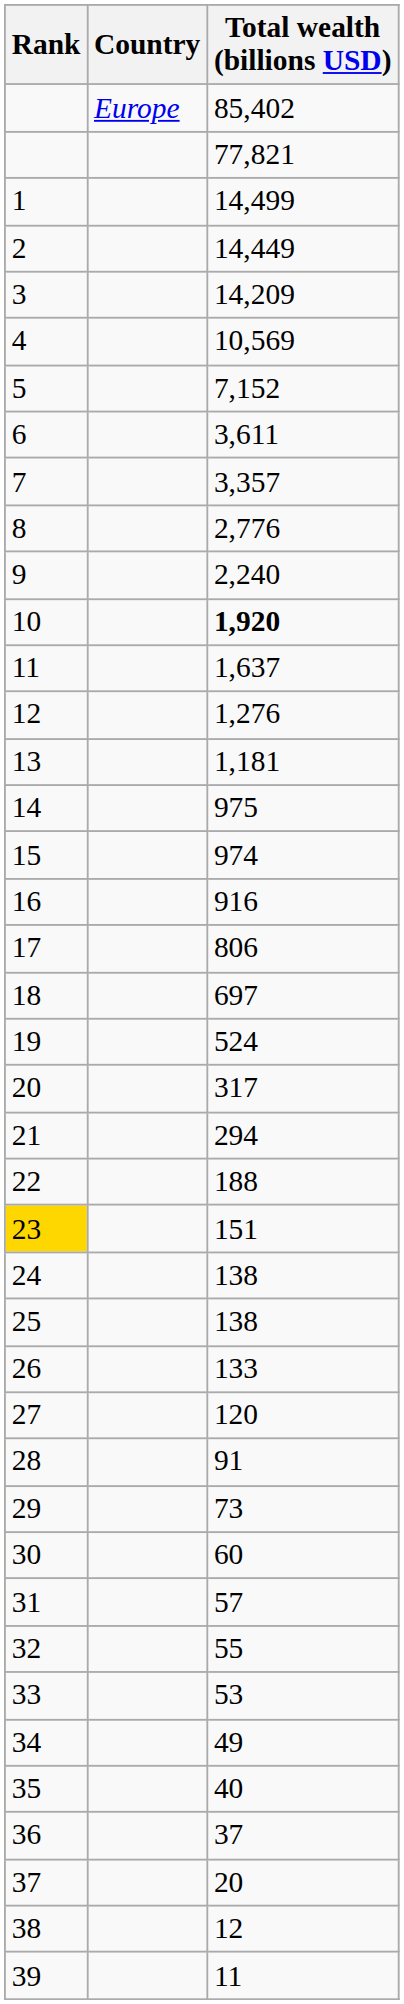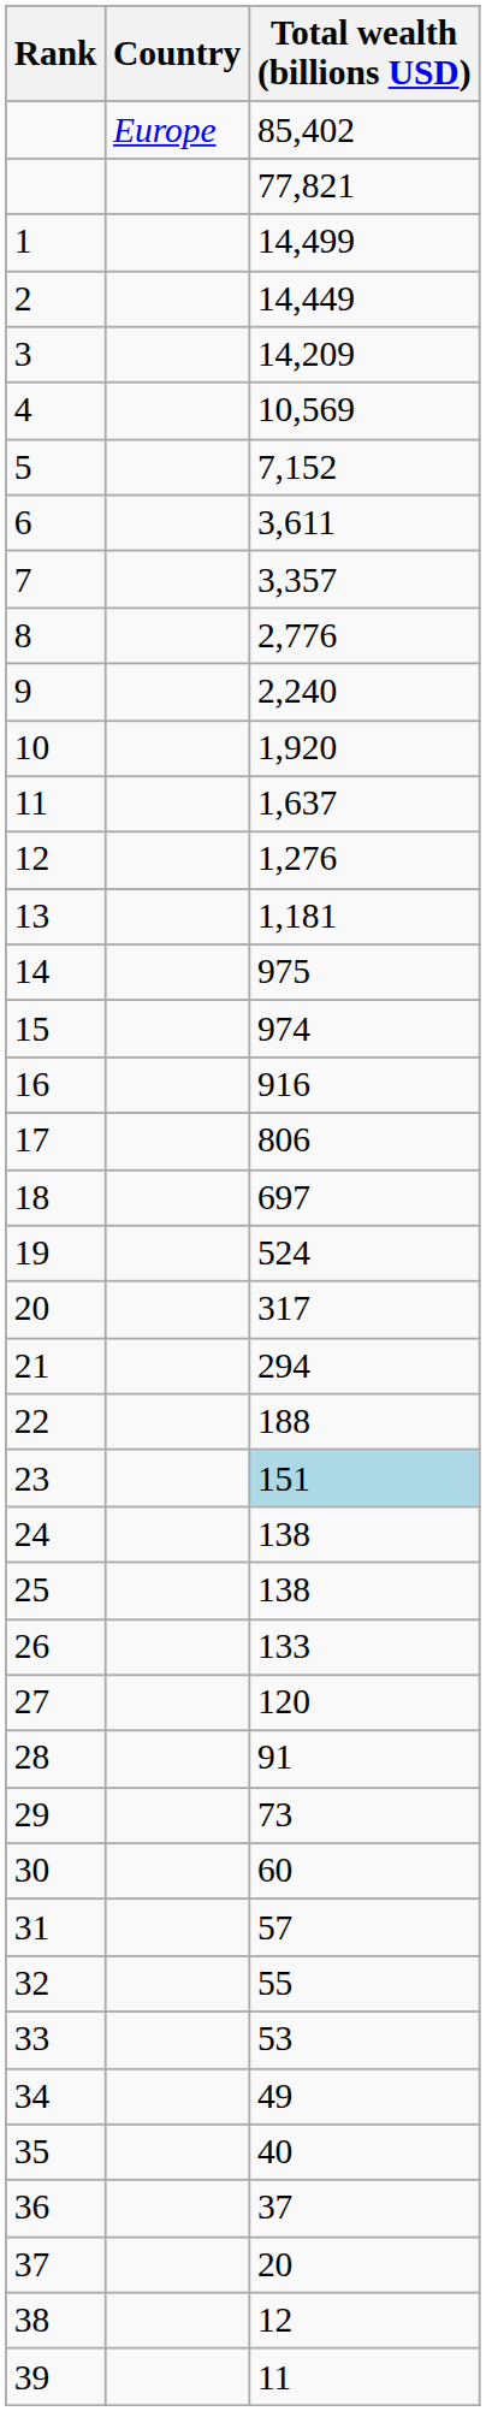 <table class="wikitable sortable">
 <tr>
 <th style="width:2em;" ! data-sort-type="number">Rank</th>
 <th>Country</th>
 <th>Total wealth<br>(billions <a href='#'>USD</a>)</th>
 </tr>
 <tr>
 <td></td>
 <td><em><a href='#'>Europe</a></em></td>
 <td>85,402</td>
 </tr>
 <tr>
 <td></td>
 <td><em></em></td>
 <td>77,821</td>
 </tr>
 <tr>
 <td>1</td>
 <td></td>
 <td>14,499</td>
 </tr>
 <tr>
 <td>2</td>
 <td></td>
 <td>14,449</td>
 </tr>
 <tr>
 <td>3</td>
 <td></td>
 <td>14,209</td>
 </tr>
 <tr>
 <td>4</td>
 <td></td>
 <td>10,569</td>
 </tr>
 <tr>
 <td>5</td>
 <td></td>
 <td>7,152</td>
 </tr>
 <tr>
 <td>6</td>
 <td></td>
 <td>3,611</td>
 </tr>
 <tr>
 <td>7</td>
 <td></td>
 <td>3,357</td>
 </tr>
 <tr>
 <td>8</td>
 <td></td>
 <td>2,776</td>
 </tr>
 <tr>
 <td>9</td>
 <td></td>
 <td>2,240</td>
 </tr>
 <tr>
 <td>10</td>
 <td></td>
-<td><strong>1,920</strong></td>
+<td>1,920</td>
 </tr>
 <tr>
 <td>11</td>
 <td></td>
 <td>1,637</td>
 </tr>
 <tr>
 <td>12</td>
 <td></td>
 <td>1,276</td>
 </tr>
 <tr>
 <td>13</td>
 <td></td>
 <td>1,181</td>
 </tr>
 <tr>
 <td>14</td>
 <td></td>
 <td>975</td>
 </tr>
 <tr>
 <td>15</td>
 <td></td>
 <td>974</td>
 </tr>
 <tr>
 <td>16</td>
 <td></td>
 <td>916</td>
 </tr>
 <tr>
 <td>17</td>
 <td></td>
 <td>806</td>
 </tr>
 <tr>
 <td>18</td>
 <td></td>
 <td>697</td>
 </tr>
 <tr>
 <td>19</td>
 <td></td>
 <td>524</td>
 </tr>
 <tr>
 <td>20</td>
 <td></td>
 <td>317</td>
 </tr>
 <tr>
 <td>21</td>
 <td></td>
 <td>294</td>
 </tr>
 <tr>
 <td>22</td>
 <td></td>
 <td>188</td>
 </tr>
 <tr>
-<td style="background: gold;">23</td>
+<td>23</td>
 <td></td>
-<td>151</td>
+<td style="background: lightblue;">151</td>
 </tr>
 <tr>
 <td>24</td>
 <td></td>
 <td>138</td>
 </tr>
 <tr>
 <td>25</td>
 <td></td>
 <td>138</td>
 </tr>
 <tr>
 <td>26</td>
 <td></td>
 <td>133</td>
 </tr>
 <tr>
 <td>27</td>
 <td></td>
 <td>120</td>
 </tr>
 <tr>
 <td>28</td>
 <td></td>
 <td>91</td>
 </tr>
 <tr>
 <td>29</td>
 <td></td>
 <td>73</td>
 </tr>
 <tr>
 <td>30</td>
 <td></td>
 <td>60</td>
 </tr>
 <tr>
 <td>31</td>
 <td></td>
 <td>57</td>
 </tr>
 <tr>
 <td>32</td>
 <td></td>
 <td>55</td>
 </tr>
 <tr>
 <td>33</td>
 <td></td>
 <td>53</td>
 </tr>
 <tr>
 <td>34</td>
 <td></td>
 <td>49</td>
 </tr>
 <tr>
 <td>35</td>
 <td></td>
 <td>40</td>
 </tr>
 <tr>
 <td>36</td>
 <td></td>
 <td>37</td>
 </tr>
 <tr>
 <td>37</td>
 <td></td>
 <td>20</td>
 </tr>
 <tr>
 <td>38</td>
 <td></td>
 <td>12</td>
 </tr>
 <tr>
 <td>39</td>
 <td></td>
 <td>11</td>
 </tr>
 <tr>
 </tr>
 </table>
